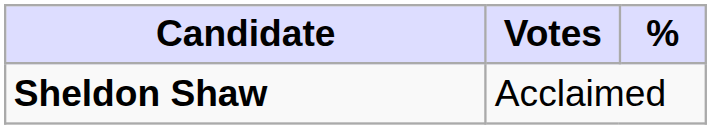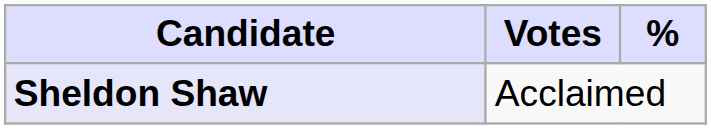 <table class="wikitable">
 <tr>
 <th style="background:#ddf; width:200px;">Candidate</th>
 <th style="background:#ddf; width:50px;">Votes</th>
 <th style="background:#ddf; width:30px;">%</th>
 </tr>
 <tr>
-<td><strong>Sheldon Shaw</strong></td>
+<td style="background: lavender;"><strong>Sheldon Shaw</strong></td>
 <td colspan="2">Acclaimed</td>
 </tr>
 </table>
